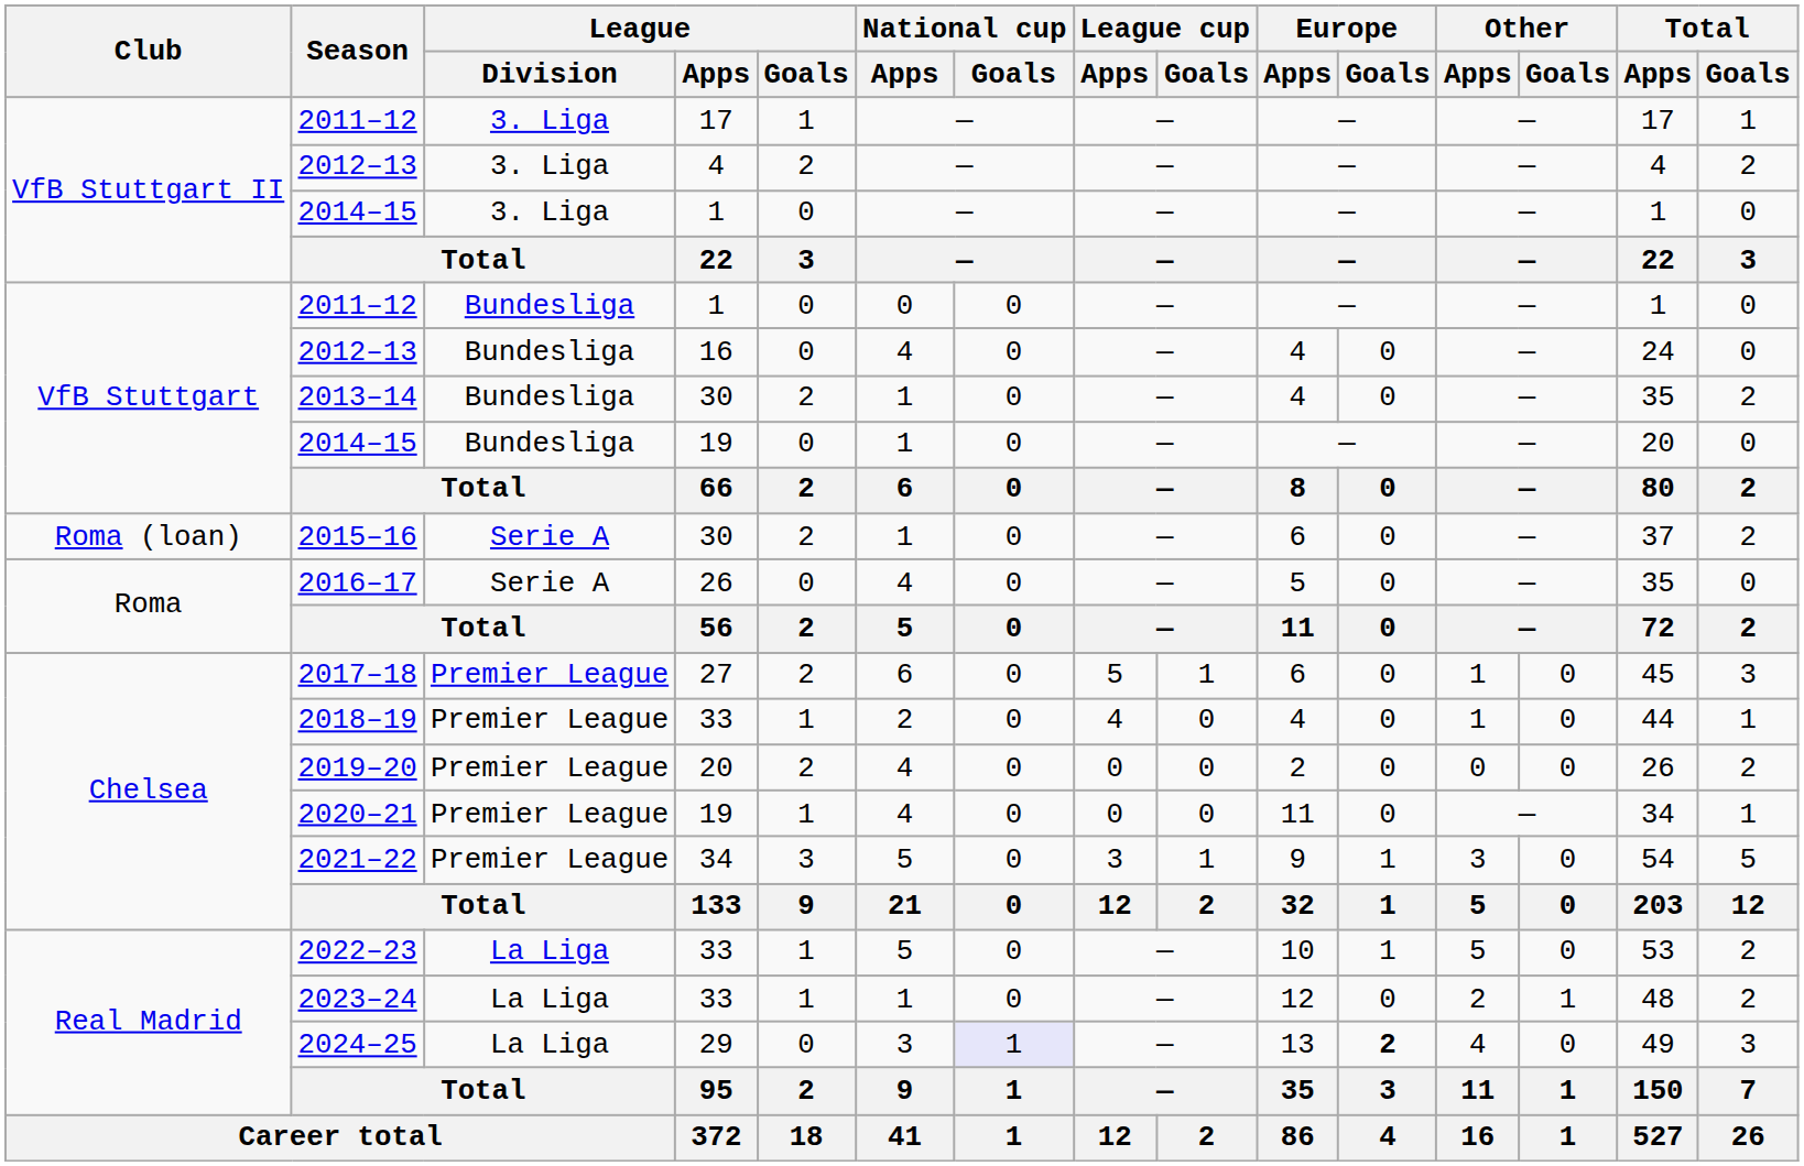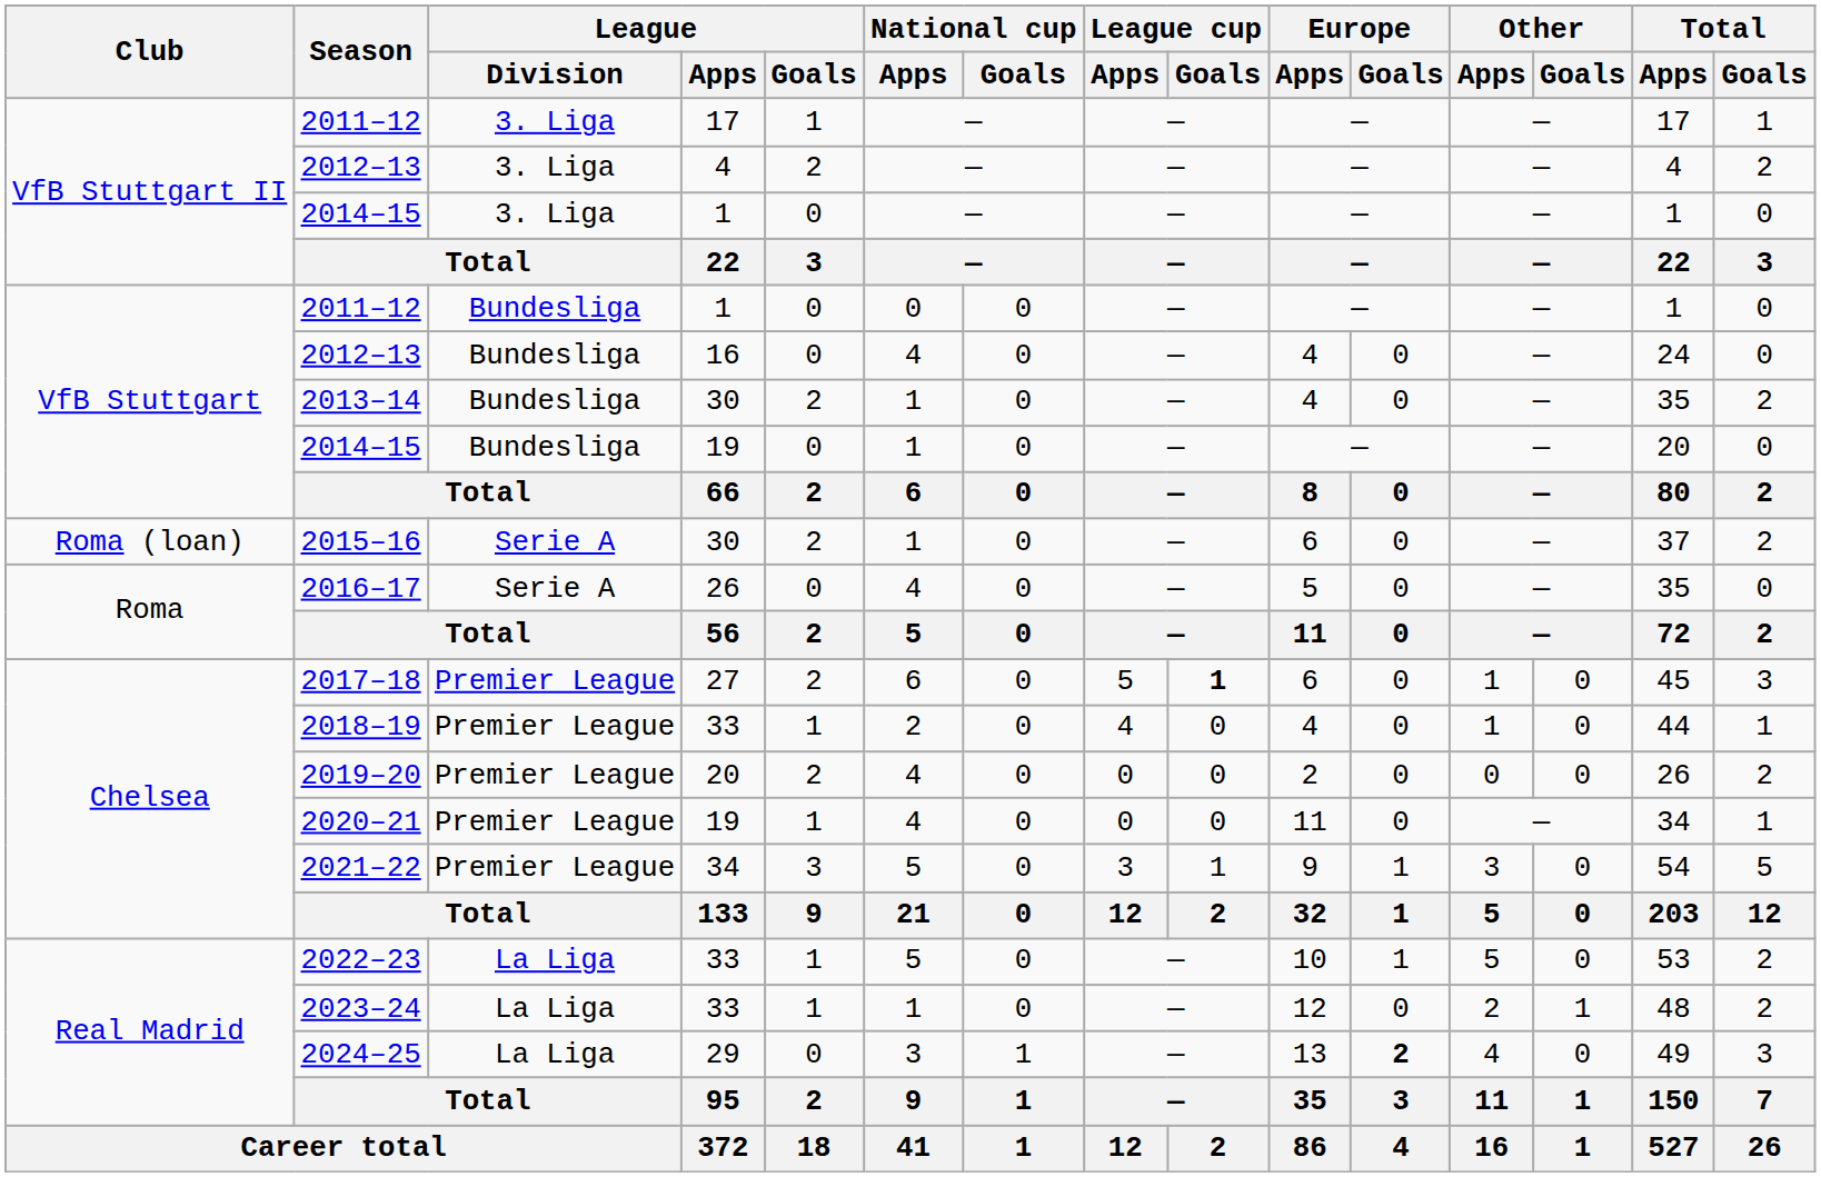 <table class="wikitable" style="text-align: center;">
 <tr>
 <th rowspan="2">Club</th>
 <th rowspan="2">Season</th>
 <th colspan="3">League</th>
 <th colspan="2">National cup</th>
 <th colspan="2">League cup</th>
 <th colspan="2">Europe</th>
 <th colspan="2">Other</th>
 <th colspan="2">Total</th>
 </tr>
 <tr>
 <th>Division</th>
 <th>Apps</th>
 <th>Goals</th>
 <th>Apps</th>
 <th>Goals</th>
 <th>Apps</th>
 <th>Goals</th>
 <th>Apps</th>
 <th>Goals</th>
 <th>Apps</th>
 <th>Goals</th>
 <th>Apps</th>
 <th>Goals</th>
 </tr>
 <tr>
 <td rowspan="4"><a href='#'>VfB Stuttgart II</a></td>
 <td><a href='#'>2011–12</a></td>
 <td><a href='#'>3. Liga</a></td>
 <td>17</td>
 <td>1</td>
 <td colspan="2">—</td>
 <td colspan="2">—</td>
 <td colspan="2">—</td>
 <td colspan="2">—</td>
 <td>17</td>
 <td>1</td>
 </tr>
 <tr>
 <td><a href='#'>2012–13</a></td>
 <td>3. Liga</td>
 <td>4</td>
 <td>2</td>
 <td colspan="2">—</td>
 <td colspan="2">—</td>
 <td colspan="2">—</td>
 <td colspan="2">—</td>
 <td>4</td>
 <td>2</td>
 </tr>
 <tr>
 <td><a href='#'>2014–15</a></td>
 <td>3. Liga</td>
 <td>1</td>
 <td>0</td>
 <td colspan="2">—</td>
 <td colspan="2">—</td>
 <td colspan="2">—</td>
 <td colspan="2">—</td>
 <td>1</td>
 <td>0</td>
 </tr>
 <tr>
 <th colspan="2">Total</th>
 <th>22</th>
 <th>3</th>
 <th colspan="2">—</th>
 <th colspan="2">—</th>
 <th colspan="2">—</th>
 <th colspan="2">—</th>
 <th>22</th>
 <th>3</th>
 </tr>
 <tr>
 <td rowspan="5"><a href='#'>VfB Stuttgart</a></td>
 <td><a href='#'>2011–12</a></td>
 <td><a href='#'>Bundesliga</a></td>
 <td>1</td>
 <td>0</td>
 <td>0</td>
 <td>0</td>
 <td colspan="2">—</td>
 <td colspan="2">—</td>
 <td colspan="2">—</td>
 <td>1</td>
 <td>0</td>
 </tr>
 <tr>
 <td><a href='#'>2012–13</a></td>
 <td>Bundesliga</td>
 <td>16</td>
 <td>0</td>
 <td>4</td>
 <td>0</td>
 <td colspan="2">—</td>
 <td>4</td>
 <td>0</td>
 <td colspan="2">—</td>
 <td>24</td>
 <td>0</td>
 </tr>
 <tr>
 <td><a href='#'>2013–14</a></td>
 <td>Bundesliga</td>
 <td>30</td>
 <td>2</td>
 <td>1</td>
 <td>0</td>
 <td colspan="2">—</td>
 <td>4</td>
 <td>0</td>
 <td colspan="2">—</td>
 <td>35</td>
 <td>2</td>
 </tr>
 <tr>
 <td><a href='#'>2014–15</a></td>
 <td>Bundesliga</td>
 <td>19</td>
 <td>0</td>
 <td>1</td>
 <td>0</td>
 <td colspan="2">—</td>
 <td colspan="2">—</td>
 <td colspan="2">—</td>
 <td>20</td>
 <td>0</td>
 </tr>
 <tr>
 <th colspan="2">Total</th>
 <th>66</th>
 <th>2</th>
 <th>6</th>
 <th>0</th>
 <th colspan="2">—</th>
 <th>8</th>
 <th>0</th>
 <th colspan="2">—</th>
 <th>80</th>
 <th>2</th>
 </tr>
 <tr>
 <td><a href='#'>Roma</a> (loan)</td>
 <td><a href='#'>2015–16</a></td>
 <td><a href='#'>Serie A</a></td>
 <td>30</td>
 <td>2</td>
 <td>1</td>
 <td>0</td>
 <td colspan="2">—</td>
 <td>6</td>
 <td>0</td>
 <td colspan="2">—</td>
 <td>37</td>
 <td>2</td>
 </tr>
 <tr>
 <td rowspan="2">Roma</td>
 <td><a href='#'>2016–17</a></td>
 <td>Serie A</td>
 <td>26</td>
 <td>0</td>
 <td>4</td>
 <td>0</td>
 <td colspan="2">—</td>
 <td>5</td>
 <td>0</td>
 <td colspan="2">—</td>
 <td>35</td>
 <td>0</td>
 </tr>
 <tr>
 <th colspan="2">Total</th>
 <th>56</th>
 <th>2</th>
 <th>5</th>
 <th>0</th>
 <th colspan="2">—</th>
 <th>11</th>
 <th>0</th>
 <th colspan="2">—</th>
 <th>72</th>
 <th>2</th>
 </tr>
 <tr>
 <td rowspan="6"><a href='#'>Chelsea</a></td>
 <td><a href='#'>2017–18</a></td>
 <td><a href='#'>Premier League</a></td>
 <td>27</td>
 <td>2</td>
 <td>6</td>
 <td>0</td>
 <td>5</td>
-<td>1</td>
+<td><strong>1</strong></td>
 <td>6</td>
 <td>0</td>
 <td>1</td>
 <td>0</td>
 <td>45</td>
 <td>3</td>
 </tr>
 <tr>
 <td><a href='#'>2018–19</a></td>
 <td>Premier League</td>
 <td>33</td>
 <td>1</td>
 <td>2</td>
 <td>0</td>
 <td>4</td>
 <td>0</td>
 <td>4</td>
 <td>0</td>
 <td>1</td>
 <td>0</td>
 <td>44</td>
 <td>1</td>
 </tr>
 <tr>
 <td><a href='#'>2019–20</a></td>
 <td>Premier League</td>
 <td>20</td>
 <td>2</td>
 <td>4</td>
 <td>0</td>
 <td>0</td>
 <td>0</td>
 <td>2</td>
 <td>0</td>
 <td>0</td>
 <td>0</td>
 <td>26</td>
 <td>2</td>
 </tr>
 <tr>
 <td><a href='#'>2020–21</a></td>
 <td>Premier League</td>
 <td>19</td>
 <td>1</td>
 <td>4</td>
 <td>0</td>
 <td>0</td>
 <td>0</td>
 <td>11</td>
 <td>0</td>
 <td colspan="2">—</td>
 <td>34</td>
 <td>1</td>
 </tr>
 <tr>
 <td><a href='#'>2021–22</a></td>
 <td>Premier League</td>
 <td>34</td>
 <td>3</td>
 <td>5</td>
 <td>0</td>
 <td>3</td>
 <td>1</td>
 <td>9</td>
 <td>1</td>
 <td>3</td>
 <td>0</td>
 <td>54</td>
 <td>5</td>
 </tr>
 <tr>
 <th colspan="2">Total</th>
 <th>133</th>
 <th>9</th>
 <th>21</th>
 <th>0</th>
 <th>12</th>
 <th>2</th>
 <th>32</th>
 <th>1</th>
 <th>5</th>
 <th>0</th>
 <th>203</th>
 <th>12</th>
 </tr>
 <tr>
 <td rowspan="4"><a href='#'>Real Madrid</a></td>
 <td><a href='#'>2022–23</a></td>
 <td><a href='#'>La Liga</a></td>
 <td>33</td>
 <td>1</td>
 <td>5</td>
 <td>0</td>
 <td colspan="2">—</td>
 <td>10</td>
 <td>1</td>
 <td>5</td>
 <td>0</td>
 <td>53</td>
 <td>2</td>
 </tr>
 <tr>
 <td><a href='#'>2023–24</a></td>
 <td>La Liga</td>
 <td>33</td>
 <td>1</td>
 <td>1</td>
 <td>0</td>
 <td colspan="2">—</td>
 <td>12</td>
 <td>0</td>
 <td>2</td>
 <td>1</td>
 <td>48</td>
 <td>2</td>
 </tr>
 <tr>
 <td><a href='#'>2024–25</a></td>
 <td>La Liga</td>
 <td>29</td>
 <td>0</td>
 <td>3</td>
-<td style="background: lavender;">1</td>
+<td>1</td>
 <td colspan="2">—</td>
 <td>13</td>
 <td><strong>2</strong></td>
 <td>4</td>
 <td>0</td>
 <td>49</td>
 <td>3</td>
 </tr>
 <tr>
 <th colspan="2">Total</th>
 <th>95</th>
 <th>2</th>
 <th>9</th>
 <th>1</th>
 <th colspan="2">—</th>
 <th>35</th>
 <th>3</th>
 <th>11</th>
 <th>1</th>
 <th>150</th>
 <th>7</th>
 </tr>
 <tr>
 <th colspan="3">Career total</th>
 <th>372</th>
 <th>18</th>
 <th>41</th>
 <th>1</th>
 <th>12</th>
 <th>2</th>
 <th>86</th>
 <th>4</th>
 <th>16</th>
 <th>1</th>
 <th>527</th>
 <th>26</th>
 </tr>
 </table>
